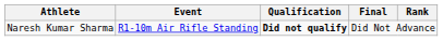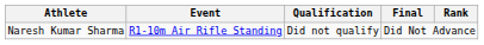 <table class="wikitable" style="text-align:center; font-size:90%">
 <tr>
 <th>Athlete</th>
 <th>Event</th>
 <th>Qualification</th>
 <th>Final</th>
 <th>Rank</th>
 </tr>
 <tr>
 <td align=left>Naresh Kumar Sharma</td>
 <td align=left><a href='#'>R1-10m Air Rifle Standing</a></td>
-<td><strong>Did not qualify</strong></td>
+<td>Did not qualify</td>
 <td colspan=2>Did Not Advance</td>
 </tr>
 </table>
